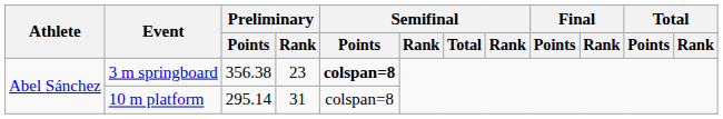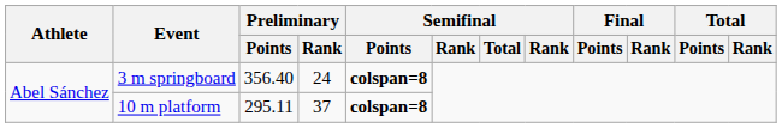 <table class=wikitable style=font-size:90%;text-align:center>
 <tr>
 <th rowspan=2>Athlete</th>
 <th rowspan=2>Event</th>
 <th colspan=2>Preliminary</th>
 <th colspan=4>Semifinal</th>
 <th colspan=2>Final</th>
 <th colspan=2>Total</th>
 </tr>
 <tr style=font-size:95%>
 <th>Points</th>
 <th>Rank</th>
 <th>Points</th>
 <th>Rank</th>
 <th>Total</th>
 <th>Rank</th>
 <th>Points</th>
 <th>Rank</th>
 <th>Points</th>
 <th>Rank</th>
 </tr>
 <tr>
 <td align=left rowspan=2><a href='#'>Abel Sánchez</a></td>
 <td align=left><a href='#'>3 m springboard</a></td>
-<td>356.38</td>
-<td>23</td>
+<td>356.40</td>
+<td>24</td>
 <td><strong>colspan=8 </strong></td>
 </tr>
 <tr>
 <td align=left><a href='#'>10 m platform</a></td>
-<td>295.14</td>
-<td>31</td>
-<td>colspan=8 </td>
+<td>295.11</td>
+<td>37</td>
+<td><strong>colspan=8 </strong></td>
 </tr>
 </table>
